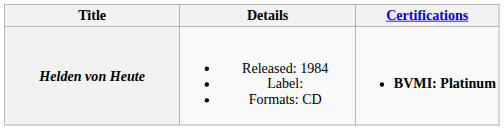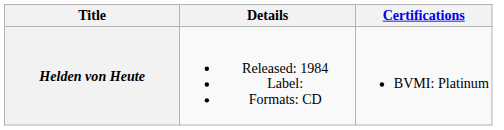 <table class="wikitable plainrowheaders" style="text-align:center;">
 <tr>
 <th scope="col" rowspan="1" style="width:12em;">Title</th>
 <th scope="col" rowspan="1" style="width:12em;">Details</th>
 <th scope="col" colspan="3"><a href='#'>Certifications</a></th>
 </tr>
 <tr>
 <th scope="row"><em>Helden von Heute</em></th>
 <td><br><ul><li>Released: 1984</li><li>Label:</li><li>Formats: CD</li></ul></td>
-<td><strong><br><ul><li>BVMI: Platinum</li></ul></strong></td>
+<td><br><ul><li>BVMI: Platinum</li></ul></td>
 </tr>
 </table>
